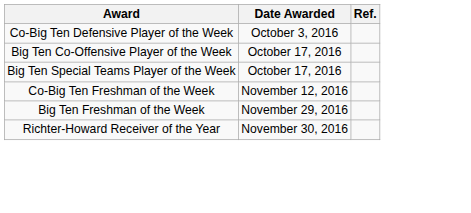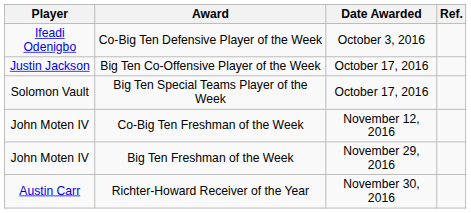 <table class="wikitable sortable sortable" style="text-align: center">
 <tr align=center>
+<th>Player</th>
 <th>Award</th>
 <th>Date Awarded</th>
 <th>Ref.</th>
 </tr>
 <tr>
+<td><a href='#'>Ifeadi Odenigbo</a></td>
 <td>Co-Big Ten Defensive Player of the Week</td>
 <td>October 3, 2016</td>
 <td></td>
 </tr>
 <tr>
+<td><a href='#'>Justin Jackson</a></td>
 <td>Big Ten Co-Offensive Player of the Week</td>
 <td>October 17, 2016</td>
 <td></td>
 </tr>
 <tr>
+<td>Solomon Vault</td>
 <td>Big Ten Special Teams Player of the Week</td>
 <td>October 17, 2016</td>
 <td></td>
 </tr>
 <tr>
+<td>John Moten IV</td>
 <td>Co-Big Ten Freshman of the Week</td>
 <td>November 12, 2016</td>
 <td></td>
 </tr>
 <tr>
+<td>John Moten IV</td>
 <td>Big Ten Freshman of the Week</td>
 <td>November 29, 2016</td>
 <td></td>
 </tr>
 <tr>
+<td><a href='#'>Austin Carr</a></td>
 <td>Richter-Howard Receiver of the Year</td>
 <td>November 30, 2016</td>
 <td></td>
 </tr>
 </table>
